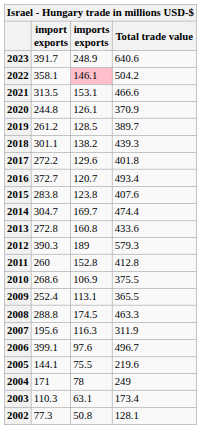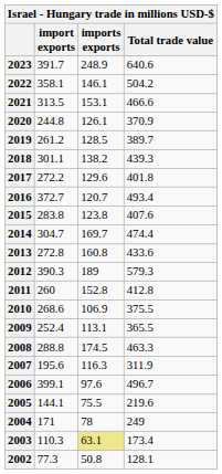 <table class="wikitable mw-collapsible mw-collapsed">
 <tr>
 <th colspan="4">Israel - Hungary trade in millions USD-$</th>
 </tr>
 <tr>
 <th></th>
 <th> import<br> exports</th>
 <th> imports<br> exports</th>
 <th>Total trade value</th>
 </tr>
 <tr>
 <th>2023</th>
 <td>391.7</td>
 <td>248.9</td>
 <td>640.6</td>
 </tr>
 <tr>
 <th>2022</th>
 <td>358.1</td>
-<td style="background: pink;">146.1</td>
+<td>146.1</td>
 <td>504.2</td>
 </tr>
 <tr>
 <th>2021</th>
 <td>313.5</td>
 <td>153.1</td>
 <td>466.6</td>
 </tr>
 <tr>
 <th>2020</th>
 <td>244.8</td>
 <td>126.1</td>
 <td>370.9</td>
 </tr>
 <tr>
 <th>2019</th>
 <td>261.2</td>
 <td>128.5</td>
 <td>389.7</td>
 </tr>
 <tr>
 <th>2018</th>
 <td>301.1</td>
 <td>138.2</td>
 <td>439.3</td>
 </tr>
 <tr>
 <th>2017</th>
 <td>272.2</td>
 <td>129.6</td>
 <td>401.8</td>
 </tr>
 <tr>
 <th>2016</th>
 <td>372.7</td>
 <td>120.7</td>
 <td>493.4</td>
 </tr>
 <tr>
 <th>2015</th>
 <td>283.8</td>
 <td>123.8</td>
 <td>407.6</td>
 </tr>
 <tr>
 <th>2014</th>
 <td>304.7</td>
 <td>169.7</td>
 <td>474.4</td>
 </tr>
 <tr>
 <th>2013</th>
 <td>272.8</td>
 <td>160.8</td>
 <td>433.6</td>
 </tr>
 <tr>
 <th>2012</th>
 <td>390.3</td>
 <td>189</td>
 <td>579.3</td>
 </tr>
 <tr>
 <th>2011</th>
 <td>260</td>
 <td>152.8</td>
 <td>412.8</td>
 </tr>
 <tr>
 <th>2010</th>
 <td>268.6</td>
 <td>106.9</td>
 <td>375.5</td>
 </tr>
 <tr>
 <th>2009</th>
 <td>252.4</td>
 <td>113.1</td>
 <td>365.5</td>
 </tr>
 <tr>
 <th>2008</th>
 <td>288.8</td>
 <td>174.5</td>
 <td>463.3</td>
 </tr>
 <tr>
 <th>2007</th>
 <td>195.6</td>
 <td>116.3</td>
 <td>311.9</td>
 </tr>
 <tr>
 <th>2006</th>
 <td>399.1</td>
 <td>97.6</td>
 <td>496.7</td>
 </tr>
 <tr>
 <th>2005</th>
 <td>144.1</td>
 <td>75.5</td>
 <td>219.6</td>
 </tr>
 <tr>
 <th>2004</th>
 <td>171</td>
 <td>78</td>
 <td>249</td>
 </tr>
 <tr>
 <th>2003</th>
 <td>110.3</td>
-<td>63.1</td>
+<td style="background: khaki;">63.1</td>
 <td>173.4</td>
 </tr>
 <tr>
 <th>2002</th>
 <td>77.3</td>
 <td>50.8</td>
 <td>128.1</td>
 </tr>
 </table>
